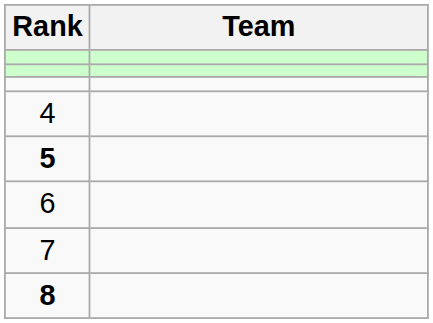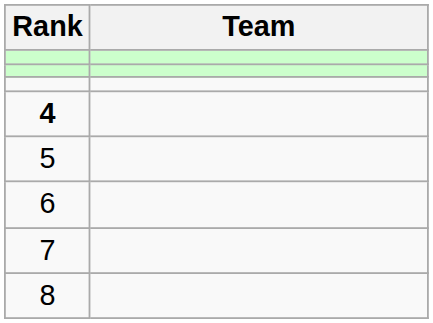 <table class="wikitable" style="text-align:center;">
 <tr>
 <th width=40>Rank</th>
 <th width=180>Team</th>
 </tr>
 <tr bgcolor=#ccffcc>
 <td></td>
 <td style="text-align:left;"></td>
 </tr>
 <tr bgcolor=#ccffcc>
 <td></td>
 <td style="text-align:left;"></td>
 </tr>
 <tr>
 <td></td>
 <td style="text-align:left;"></td>
 </tr>
 <tr>
-<td>4</td>
+<td><strong>4</strong></td>
 <td style="text-align:left;"></td>
 </tr>
 <tr>
-<td><strong>5</strong></td>
+<td>5</td>
 <td style="text-align:left;"></td>
 </tr>
 <tr>
 <td>6</td>
 <td style="text-align:left;"></td>
 </tr>
 <tr>
 <td>7</td>
 <td style="text-align:left;"></td>
 </tr>
 <tr>
-<td><strong>8</strong></td>
+<td>8</td>
 <td style="text-align:left;"></td>
 </tr>
 </table>
